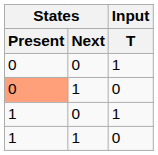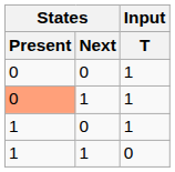 <table class="wikitable" border="1">
 <tr>
 <th colspan="2">States</th>
 <th colspan="1">Input</th>
 </tr>
 <tr>
 <th>Present</th>
 <th>Next</th>
 <th>T</th>
 </tr>
 <tr>
 <td>0</td>
 <td>0</td>
 <td>1</td>
 </tr>
 <tr>
 <td style="background: lightsalmon;">0</td>
 <td>1</td>
-<td>0</td>
+<td>1</td>
 </tr>
 <tr>
 <td>1</td>
 <td>0</td>
 <td>1</td>
 </tr>
 <tr>
 <td>1</td>
 <td>1</td>
 <td>0</td>
 </tr>
 </table>
